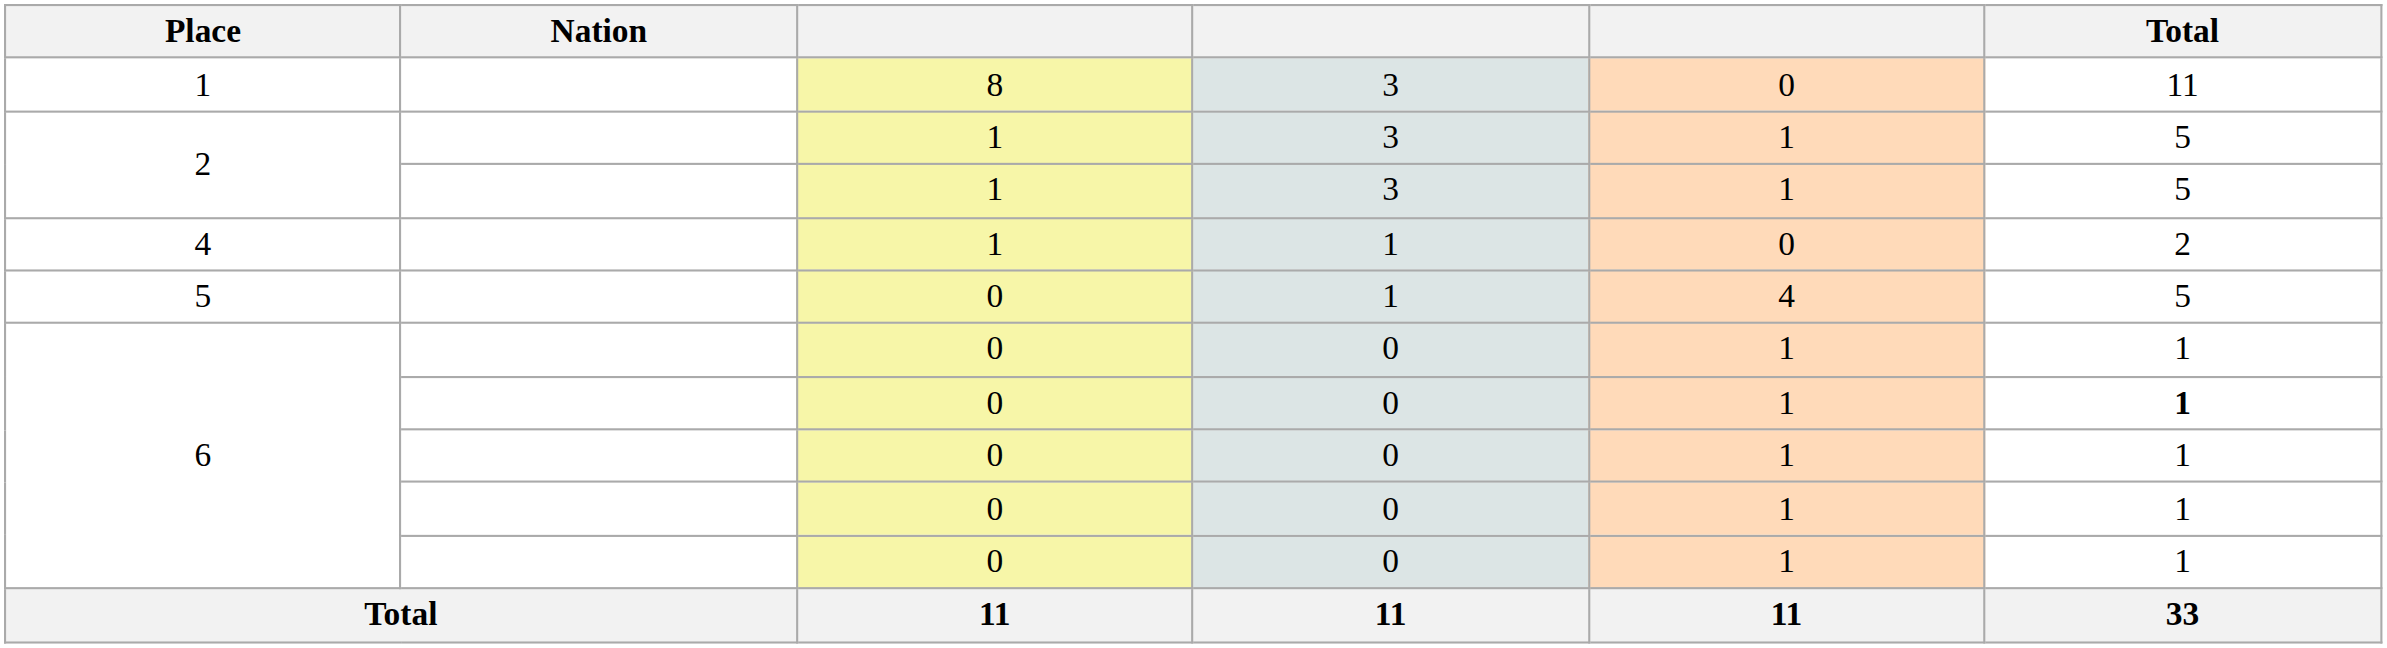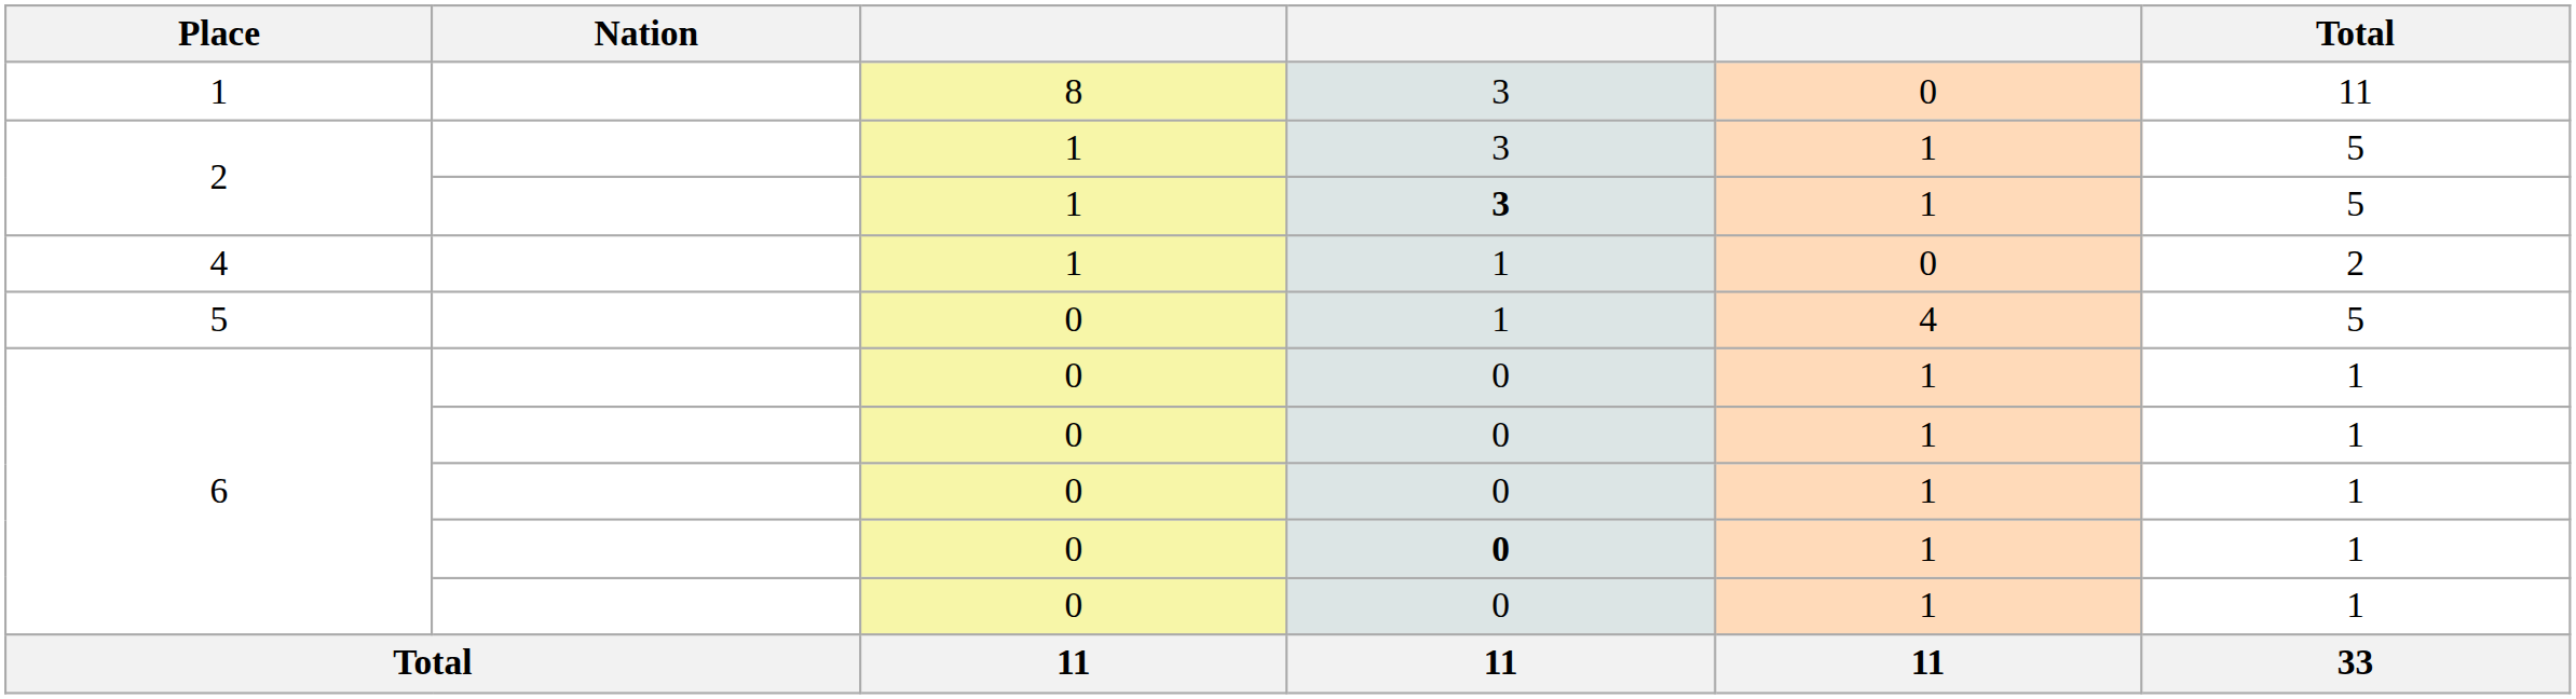 <table class="wikitable" style="border:1px solid #AAAAAA" width="90%">
 <tr bgcolor="#EFEFEF">
 <th width=50>Place</th>
 <th width=50>Nation</th>
 <th width=50></th>
 <th width=50></th>
 <th width=50></th>
 <th width=50>Total</th>
 </tr>
 <tr align="center" valign="center" bgcolor="#FFFFFF">
 <td>1</td>
 <td align="left"></td>
 <td style="background:#F7F6A8;">8</td>
 <td style="background:#DCE5E5;">3</td>
 <td style="background:#FFDAB9;">0</td>
 <td>11</td>
 </tr>
 <tr align="center" valign="center" bgcolor="#FFFFFF">
 <td rowspan="2">2</td>
 <td align="left"></td>
 <td style="background:#F7F6A8;">1</td>
 <td style="background:#DCE5E5;">3</td>
 <td style="background:#FFDAB9;">1</td>
 <td>5</td>
 </tr>
 <tr align="center" valign="center" bgcolor="#FFFFFF">
 <td align="left"></td>
 <td style="background:#F7F6A8;">1</td>
-<td style="background:#DCE5E5;">3</td>
+<td style="background:#DCE5E5;"><strong>3</strong></td>
 <td style="background:#FFDAB9;">1</td>
 <td>5</td>
 </tr>
 <tr align="center" valign="center" bgcolor="#FFFFFF">
 <td>4</td>
 <td align="left"></td>
 <td style="background:#F7F6A8;">1</td>
 <td style="background:#DCE5E5;">1</td>
 <td style="background:#FFDAB9;">0</td>
 <td>2</td>
 </tr>
 <tr align="center" valign="center" bgcolor="#FFFFFF">
 <td>5</td>
 <td align="left"></td>
 <td style="background:#F7F6A8;">0</td>
 <td style="background:#DCE5E5;">1</td>
 <td style="background:#FFDAB9;">4</td>
 <td>5</td>
 </tr>
 <tr align="center" valign="center" bgcolor="#FFFFFF">
 <td rowspan="5">6</td>
 <td align="left"></td>
 <td style="background:#F7F6A8;">0</td>
 <td style="background:#DCE5E5;">0</td>
 <td style="background:#FFDAB9;">1</td>
 <td>1</td>
 </tr>
 <tr align="center" valign="center" bgcolor="#FFFFFF">
 <td align="left"></td>
 <td style="background:#F7F6A8;">0</td>
 <td style="background:#DCE5E5;">0</td>
 <td style="background:#FFDAB9;">1</td>
-<td><strong>1</strong></td>
+<td>1</td>
 </tr>
 <tr align="center" valign="center" bgcolor="#FFFFFF">
 <td align="left"></td>
 <td style="background:#F7F6A8;">0</td>
 <td style="background:#DCE5E5;">0</td>
 <td style="background:#FFDAB9;">1</td>
 <td>1</td>
 </tr>
 <tr align="center" valign="center" bgcolor="#FFFFFF">
 <td align="left"></td>
 <td style="background:#F7F6A8;">0</td>
-<td style="background:#DCE5E5;">0</td>
+<td style="background:#DCE5E5;"><strong>0</strong></td>
 <td style="background:#FFDAB9;">1</td>
 <td>1</td>
 </tr>
 <tr align="center" valign="center" bgcolor="#FFFFFF">
 <td align="left"></td>
 <td style="background:#F7F6A8;">0</td>
 <td style="background:#DCE5E5;">0</td>
 <td style="background:#FFDAB9;">1</td>
 <td>1</td>
 </tr>
 <tr bgcolor="#EFEFEF">
 <th colspan=2>Total</th>
 <th>11</th>
 <th>11</th>
 <th>11</th>
 <th>33</th>
 </tr>
 </table>
